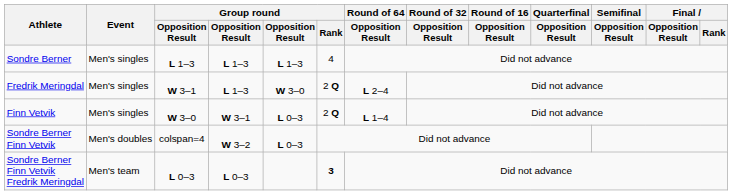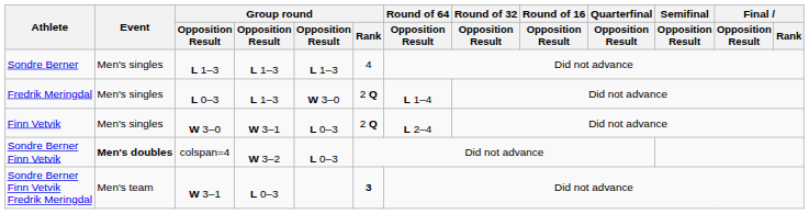 <table class="wikitable" style="font-size:90%;">
 <tr>
 <th rowspan=2>Athlete</th>
 <th rowspan=2>Event</th>
 <th colspan=4>Group round</th>
 <th>Round of 64</th>
 <th>Round of 32</th>
 <th>Round of 16</th>
 <th>Quarterfinal</th>
 <th>Semifinal</th>
 <th colspan=2>Final / </th>
 </tr>
 <tr style="font-size:95%">
 <th>Opposition<br>Result</th>
 <th>Opposition<br>Result</th>
 <th>Opposition<br>Result</th>
 <th>Rank</th>
 <th>Opposition<br>Result</th>
 <th>Opposition<br>Result</th>
 <th>Opposition<br>Result</th>
 <th>Opposition<br>Result</th>
 <th>Opposition<br>Result</th>
 <th>Opposition<br>Result</th>
 <th>Rank</th>
 </tr>
 <tr align=center>
 <td align=left><a href='#'>Sondre Berner</a></td>
 <td align=left>Men's singles</td>
 <td><br> <strong>L</strong> 1–3</td>
 <td><br> <strong>L</strong> 1–3</td>
 <td><br> <strong>L</strong> 1–3</td>
 <td>4</td>
 <td colspan=7>Did not advance</td>
 </tr>
 <tr align=center>
 <td align=left><a href='#'>Fredrik Meringdal</a></td>
 <td align=left>Men's singles</td>
-<td><br> <strong>W</strong> 3–1</td>
+<td><br> <strong>L</strong> 0–3</td>
 <td><br> <strong>L</strong> 1–3</td>
 <td><br> <strong>W</strong> 3–0</td>
 <td>2 <strong>Q</strong></td>
-<td><br> <strong>L</strong> 2–4</td>
+<td><br> <strong>L</strong> 1–4</td>
 <td colspan=6>Did not advance</td>
 </tr>
 <tr align=center>
 <td align=left><a href='#'>Finn Vetvik</a></td>
 <td align=left>Men's singles</td>
 <td><br> <strong>W</strong> 3–0</td>
 <td><br> <strong>W</strong> 3–1</td>
 <td><br>  <strong>L</strong> 0–3</td>
 <td>2 <strong>Q</strong></td>
-<td><br> <strong>L</strong> 1–4</td>
+<td><br> <strong>L</strong> 2–4</td>
 <td colspan=6>Did not advance</td>
 </tr>
 <tr align=center>
 <td align=left><a href='#'>Sondre Berner</a><br><a href='#'>Finn Vetvik</a></td>
-<td align=left>Men's doubles</td>
+<td align=left><strong>Men's doubles</strong></td>
 <td>colspan=4  </td>
 <td><br> <strong>W</strong> 3–2</td>
 <td><br> <strong>L</strong> 0–3</td>
 <td colspan=5>Did not advance</td>
 </tr>
 <tr align=center>
 <td align=left><a href='#'>Sondre Berner</a><br><a href='#'>Finn Vetvik</a><br><a href='#'>Fredrik Meringdal</a></td>
 <td align=left>Men's team</td>
-<td><br> <strong>L</strong> 0–3</td>
+<td><br> <strong>W</strong> 3–1</td>
 <td><br> <strong>L</strong> 0–3</td>
 <td></td>
 <td><strong>3</strong></td>
 <td colspan=7>Did not advance</td>
 </tr>
 </table>
